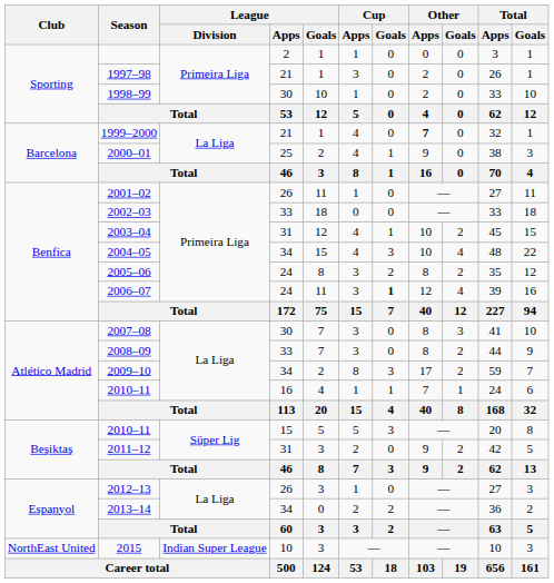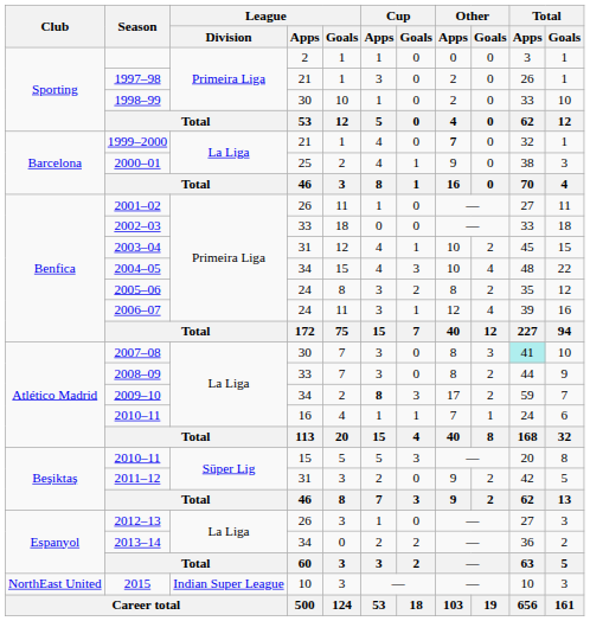 <table class="wikitable" style="text-align:center">
 <tr>
 <th rowspan="2">Club</th>
 <th rowspan="2">Season</th>
 <th colspan="3">League</th>
 <th colspan="2">Cup</th>
 <th colspan="2">Other</th>
 <th colspan="2">Total</th>
 </tr>
 <tr>
 <th>Division</th>
 <th>Apps</th>
 <th>Goals</th>
 <th>Apps</th>
 <th>Goals</th>
 <th>Apps</th>
 <th>Goals</th>
 <th>Apps</th>
 <th>Goals</th>
 </tr>
 <tr>
 <td rowspan="4"><a href='#'>Sporting</a></td>
 <td></td>
 <td rowspan="3"><a href='#'>Primeira Liga</a></td>
 <td>2</td>
 <td>1</td>
 <td>1</td>
 <td>0</td>
 <td>0</td>
 <td>0</td>
 <td>3</td>
 <td>1</td>
 </tr>
 <tr>
 <td><a href='#'>1997–98</a></td>
 <td>21</td>
 <td>1</td>
 <td>3</td>
 <td>0</td>
 <td>2</td>
 <td>0</td>
 <td>26</td>
 <td>1</td>
 </tr>
 <tr>
 <td><a href='#'>1998–99</a></td>
 <td>30</td>
 <td>10</td>
 <td>1</td>
 <td>0</td>
 <td>2</td>
 <td>0</td>
 <td>33</td>
 <td>10</td>
 </tr>
 <tr>
 <th colspan="2">Total</th>
 <th>53</th>
 <th>12</th>
 <th>5</th>
 <th>0</th>
 <th>4</th>
 <th>0</th>
 <th>62</th>
 <th>12</th>
 </tr>
 <tr>
 <td rowspan="3"><a href='#'>Barcelona</a></td>
 <td><a href='#'>1999–2000</a></td>
 <td rowspan="2"><a href='#'>La Liga</a></td>
 <td>21</td>
 <td>1</td>
 <td>4</td>
 <td>0</td>
 <td><strong>7</strong></td>
 <td>0</td>
 <td>32</td>
 <td>1</td>
 </tr>
 <tr>
 <td><a href='#'>2000–01</a></td>
 <td>25</td>
 <td>2</td>
 <td>4</td>
 <td>1</td>
 <td>9</td>
 <td>0</td>
 <td>38</td>
 <td>3</td>
 </tr>
 <tr>
 <th colspan="2">Total</th>
 <th>46</th>
 <th>3</th>
 <th>8</th>
 <th>1</th>
 <th>16</th>
 <th>0</th>
 <th>70</th>
 <th>4</th>
 </tr>
 <tr>
 <td rowspan="7"><a href='#'>Benfica</a></td>
 <td><a href='#'>2001–02</a></td>
 <td rowspan="6">Primeira Liga</td>
 <td>26</td>
 <td>11</td>
 <td>1</td>
 <td>0</td>
 <td colspan="2">—</td>
 <td>27</td>
 <td>11</td>
 </tr>
 <tr>
 <td><a href='#'>2002–03</a></td>
 <td>33</td>
 <td>18</td>
 <td>0</td>
 <td>0</td>
 <td colspan="2">—</td>
 <td>33</td>
 <td>18</td>
 </tr>
 <tr>
 <td><a href='#'>2003–04</a></td>
 <td>31</td>
 <td>12</td>
 <td>4</td>
 <td>1</td>
 <td>10</td>
 <td>2</td>
 <td>45</td>
 <td>15</td>
 </tr>
 <tr>
 <td><a href='#'>2004–05</a></td>
 <td>34</td>
 <td>15</td>
 <td>4</td>
 <td>3</td>
 <td>10</td>
 <td>4</td>
 <td>48</td>
 <td>22</td>
 </tr>
 <tr>
 <td><a href='#'>2005–06</a></td>
 <td>24</td>
 <td>8</td>
 <td>3</td>
 <td>2</td>
 <td>8</td>
 <td>2</td>
 <td>35</td>
 <td>12</td>
 </tr>
 <tr>
 <td><a href='#'>2006–07</a></td>
 <td>24</td>
 <td>11</td>
 <td>3</td>
-<td><strong>1</strong></td>
+<td>1</td>
 <td>12</td>
 <td>4</td>
 <td>39</td>
 <td>16</td>
 </tr>
 <tr>
 <th colspan="2">Total</th>
 <th>172</th>
 <th>75</th>
 <th>15</th>
 <th>7</th>
 <th>40</th>
 <th>12</th>
 <th>227</th>
 <th>94</th>
 </tr>
 <tr>
 <td rowspan="5"><a href='#'>Atlético Madrid</a></td>
 <td><a href='#'>2007–08</a></td>
 <td rowspan="4">La Liga</td>
 <td>30</td>
 <td>7</td>
 <td>3</td>
 <td>0</td>
 <td>8</td>
 <td>3</td>
-<td>41</td>
+<td style="background: paleturquoise;">41</td>
 <td>10</td>
 </tr>
 <tr>
 <td><a href='#'>2008–09</a></td>
 <td>33</td>
 <td>7</td>
 <td>3</td>
 <td>0</td>
 <td>8</td>
 <td>2</td>
 <td>44</td>
 <td>9</td>
 </tr>
 <tr>
 <td><a href='#'>2009–10</a></td>
 <td>34</td>
 <td>2</td>
-<td>8</td>
+<td><strong>8</strong></td>
 <td>3</td>
 <td>17</td>
 <td>2</td>
 <td>59</td>
 <td>7</td>
 </tr>
 <tr>
 <td><a href='#'>2010–11</a></td>
 <td>16</td>
 <td>4</td>
 <td>1</td>
 <td>1</td>
 <td>7</td>
 <td>1</td>
 <td>24</td>
 <td>6</td>
 </tr>
 <tr>
 <th colspan="2">Total</th>
 <th>113</th>
 <th>20</th>
 <th>15</th>
 <th>4</th>
 <th>40</th>
 <th>8</th>
 <th>168</th>
 <th>32</th>
 </tr>
 <tr>
 <td rowspan="3"><a href='#'>Beşiktaş</a></td>
 <td><a href='#'>2010–11</a></td>
 <td rowspan="2"><a href='#'>Süper Lig</a></td>
 <td>15</td>
 <td>5</td>
 <td>5</td>
 <td>3</td>
 <td colspan="2">—</td>
 <td>20</td>
 <td>8</td>
 </tr>
 <tr>
 <td><a href='#'>2011–12</a></td>
 <td>31</td>
 <td>3</td>
 <td>2</td>
 <td>0</td>
 <td>9</td>
 <td>2</td>
 <td>42</td>
 <td>5</td>
 </tr>
 <tr>
 <th colspan="2">Total</th>
 <th>46</th>
 <th>8</th>
 <th>7</th>
 <th>3</th>
 <th>9</th>
 <th>2</th>
 <th>62</th>
 <th>13</th>
 </tr>
 <tr>
 <td rowspan="3"><a href='#'>Espanyol</a></td>
 <td><a href='#'>2012–13</a></td>
 <td rowspan="2">La Liga</td>
 <td>26</td>
 <td>3</td>
 <td>1</td>
 <td>0</td>
 <td colspan="2">—</td>
 <td>27</td>
 <td>3</td>
 </tr>
 <tr>
 <td><a href='#'>2013–14</a></td>
 <td>34</td>
 <td>0</td>
 <td>2</td>
 <td>2</td>
 <td colspan="2">—</td>
 <td>36</td>
 <td>2</td>
 </tr>
 <tr>
 <th colspan="2">Total</th>
 <th>60</th>
 <th>3</th>
 <th>3</th>
 <th>2</th>
 <th colspan="2">—</th>
 <th>63</th>
 <th>5</th>
 </tr>
 <tr>
 <td><a href='#'>NorthEast United</a></td>
 <td><a href='#'>2015</a></td>
 <td><a href='#'>Indian Super League</a></td>
 <td>10</td>
 <td>3</td>
 <td colspan="2">—</td>
 <td colspan="2">—</td>
 <td>10</td>
 <td>3</td>
 </tr>
 <tr>
 <th colspan="3">Career total</th>
 <th>500</th>
 <th>124</th>
 <th>53</th>
 <th>18</th>
 <th>103</th>
 <th>19</th>
 <th>656</th>
 <th>161</th>
 </tr>
 </table>
